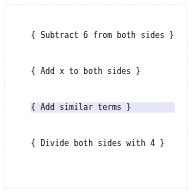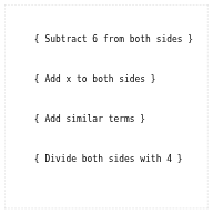 <table style="border:1px dashed #ddd;" cellspacing="20">
 <tr>
 <td></td>
 <td></td>
 </tr>
 <tr>
 <td></td>
 <td>{ Subtract 6 from both sides }</td>
 </tr>
 <tr>
 <td></td>
 <td></td>
 </tr>
 <tr>
 <td></td>
 <td>{ Add x to both sides }</td>
 </tr>
 <tr>
 <td></td>
 <td></td>
 </tr>
 <tr>
 <td></td>
-<td style="background: lavender;">{ Add similar terms }</td>
+<td>{ Add similar terms }</td>
 </tr>
 <tr>
 <td></td>
 <td></td>
 </tr>
 <tr>
 <td></td>
 <td>{ Divide both sides with 4 }</td>
 </tr>
 <tr>
 <td></td>
 <td></td>
 </tr>
 <tr>
 <td></td>
 <td></td>
 </tr>
 </table>
